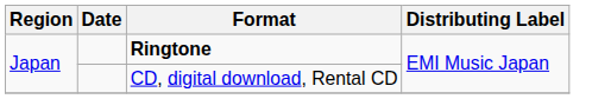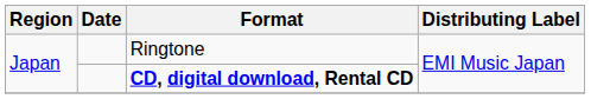 <table class="wikitable">
 <tr>
 <th>Region</th>
 <th>Date</th>
 <th>Format</th>
 <th>Distributing Label</th>
 </tr>
 <tr>
 <td rowspan="2"><a href='#'>Japan</a></td>
 <td></td>
-<td><strong>Ringtone</strong></td>
+<td>Ringtone</td>
 <td rowspan="2"><a href='#'>EMI Music Japan</a></td>
 </tr>
 <tr>
 <td></td>
-<td><a href='#'>CD</a>, <a href='#'>digital download</a>, Rental CD</td>
+<td><strong><a href='#'>CD</a>, <a href='#'>digital download</a>, Rental CD</strong></td>
 </tr>
 <tr>
 </tr>
 </table>
